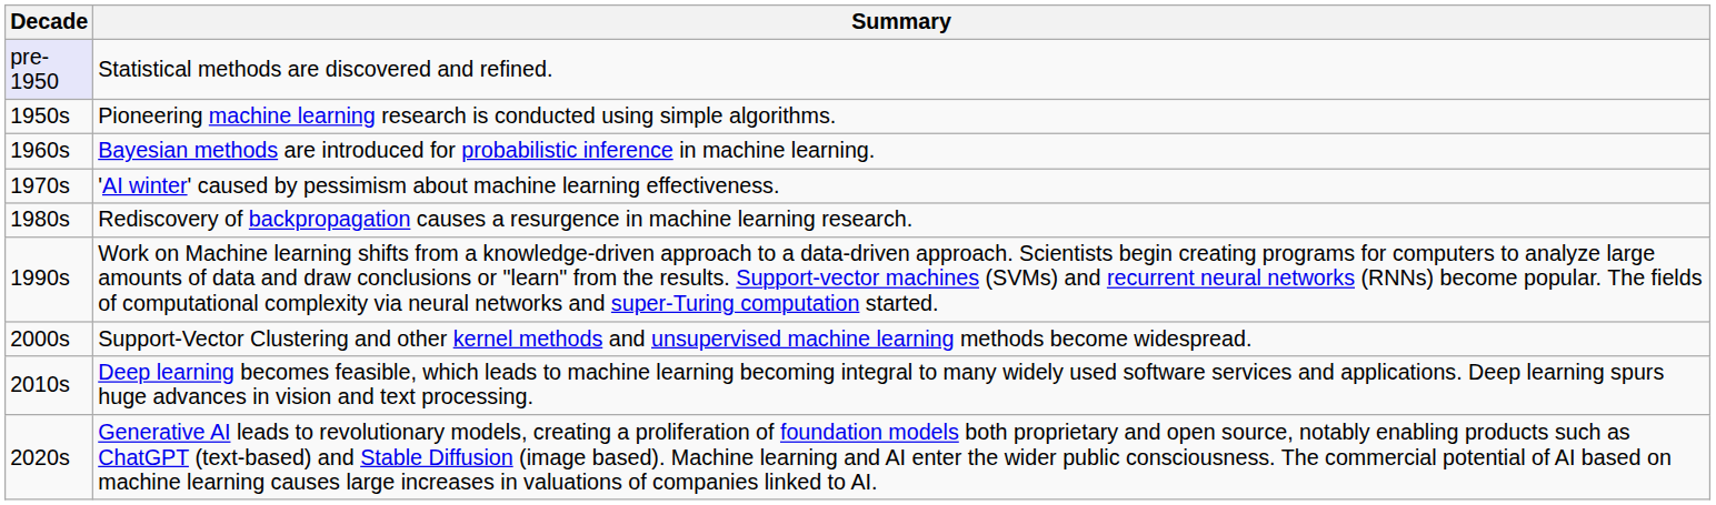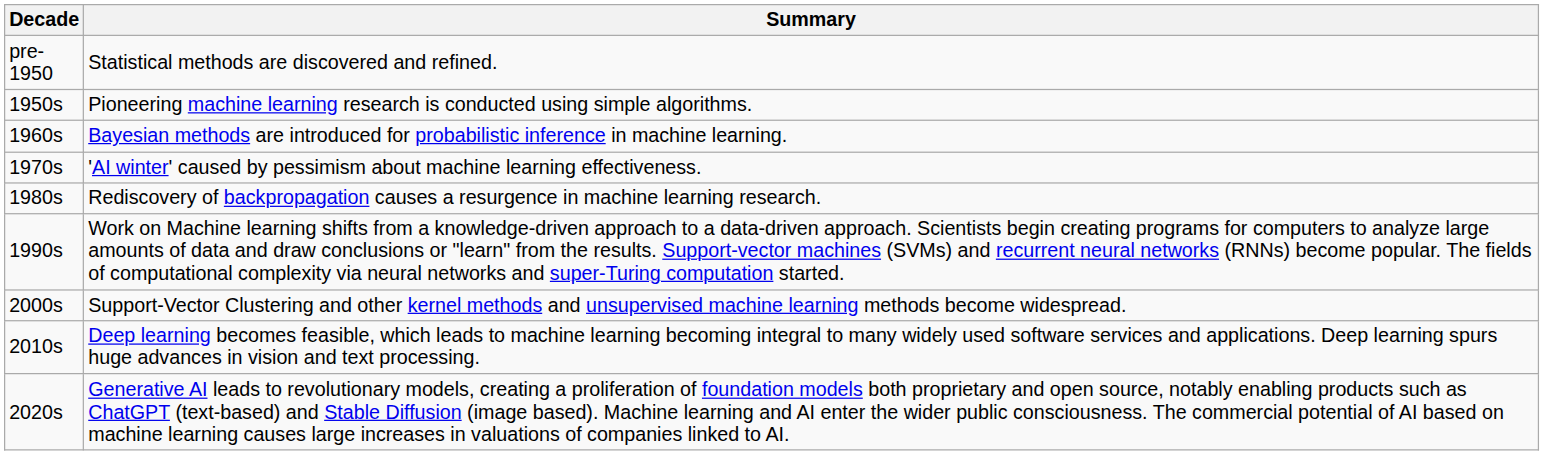 <table class="wikitable sortable">
 <tr>
 <th>Decade</th>
 <th>Summary</th>
 </tr>
 <tr>
-<td style="background: lavender;">pre-<br>1950</td>
+<td>pre-<br>1950</td>
 <td>Statistical methods are discovered and refined.</td>
 </tr>
 <tr>
 <td>1950s</td>
 <td>Pioneering <a href='#'>machine learning</a> research is conducted using simple algorithms.</td>
 </tr>
 <tr>
 <td>1960s</td>
 <td><a href='#'>Bayesian methods</a> are introduced for <a href='#'>probabilistic inference</a> in machine learning.</td>
 </tr>
 <tr>
 <td>1970s</td>
 <td>'<a href='#'>AI winter</a>' caused by pessimism about machine learning effectiveness.</td>
 </tr>
 <tr>
 <td>1980s</td>
 <td>Rediscovery of <a href='#'>backpropagation</a> causes a resurgence in machine learning research.</td>
 </tr>
 <tr>
 <td>1990s</td>
 <td>Work on Machine learning shifts from a knowledge-driven approach to a data-driven approach. Scientists begin creating programs for computers to analyze large amounts of data and draw conclusions or "learn" from the results. <a href='#'>Support-vector machines</a> (SVMs) and <a href='#'>recurrent neural networks</a> (RNNs) become popular. The fields of computational complexity via neural networks and <a href='#'>super-Turing computation</a> started.</td>
 </tr>
 <tr>
 <td>2000s</td>
 <td>Support-Vector Clustering  and other <a href='#'>kernel methods</a> and <a href='#'>unsupervised machine learning</a> methods become widespread.</td>
 </tr>
 <tr>
 <td>2010s</td>
 <td><a href='#'>Deep learning</a> becomes feasible, which leads to machine learning becoming integral to many widely used software services and applications.  Deep learning spurs huge advances in vision and text processing.</td>
 </tr>
 <tr>
 <td>2020s</td>
 <td><a href='#'>Generative AI</a> leads to revolutionary models, creating a proliferation of <a href='#'>foundation models</a> both proprietary and open source, notably enabling products such as <a href='#'>ChatGPT</a> (text-based) and <a href='#'>Stable Diffusion</a> (image based).  Machine learning and AI enter the wider public consciousness.  The commercial potential of AI based on machine learning causes large increases in valuations of companies linked to AI.</td>
 </tr>
 </table>
